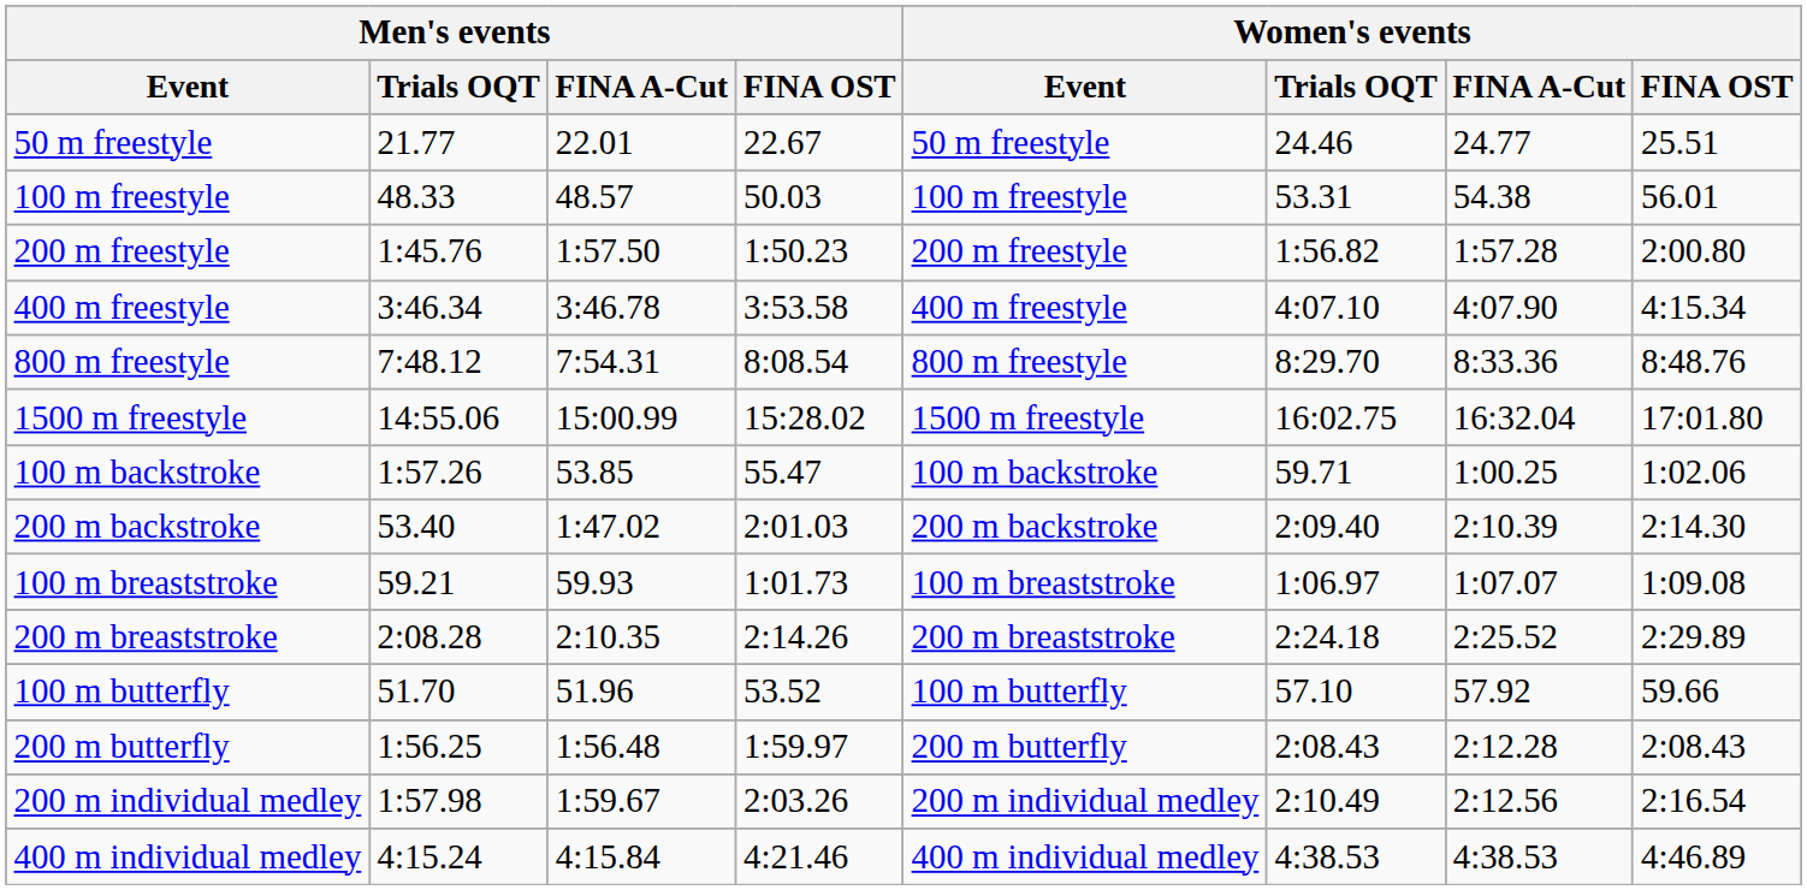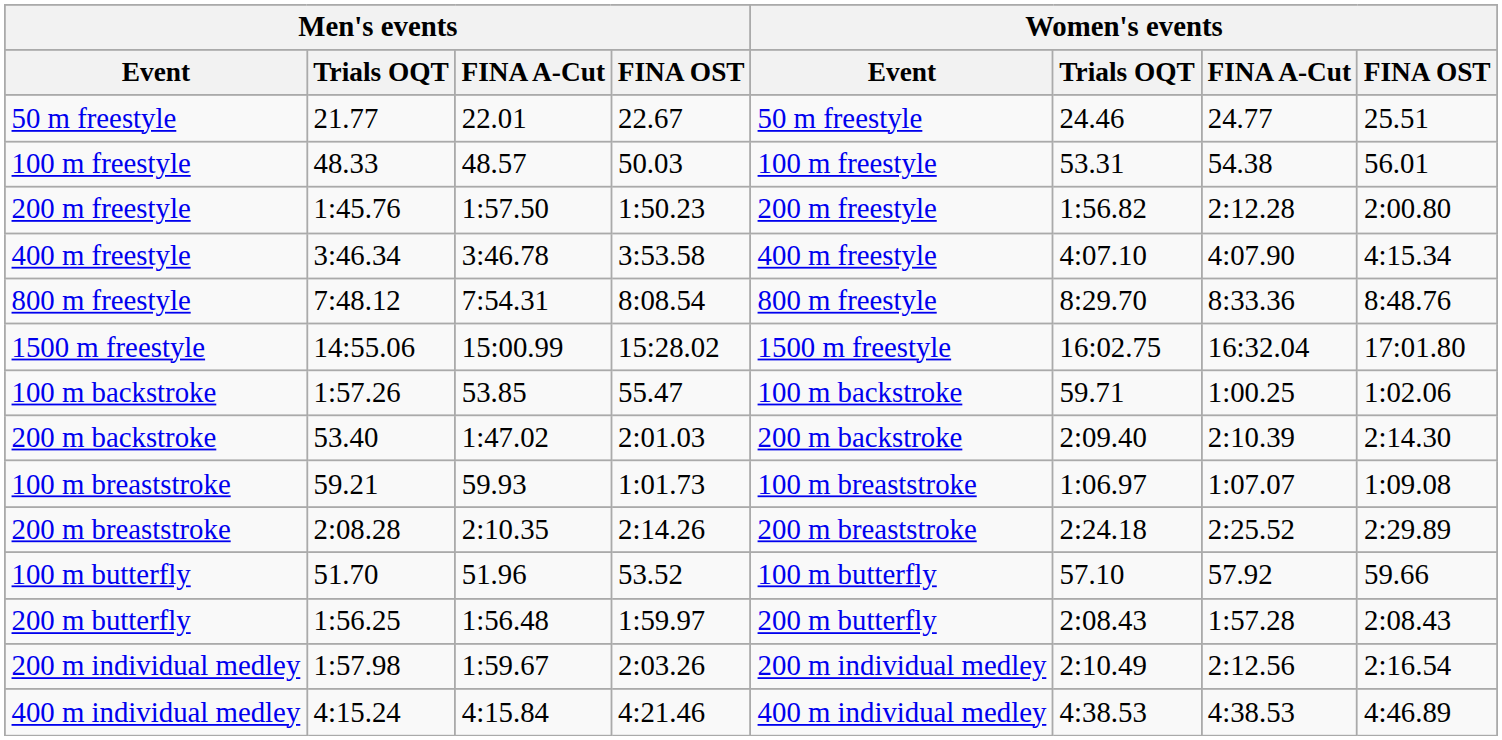 <table class="wikitable">
 <tr>
 <th colspan="4">Men's events</th>
 <th colspan="4">Women's events</th>
 </tr>
 <tr style="font-size:95%">
 <th>Event</th>
 <th>Trials OQT</th>
 <th>FINA A-Cut</th>
 <th>FINA OST</th>
 <th>Event</th>
 <th>Trials OQT</th>
 <th>FINA A-Cut</th>
 <th>FINA OST</th>
 </tr>
 <tr>
 <td><a href='#'>50 m freestyle</a></td>
 <td>21.77</td>
 <td>22.01</td>
 <td>22.67</td>
 <td><a href='#'>50 m freestyle</a></td>
 <td>24.46</td>
 <td>24.77</td>
 <td>25.51</td>
 </tr>
 <tr>
 <td><a href='#'>100 m freestyle</a></td>
 <td>48.33</td>
 <td>48.57</td>
 <td>50.03</td>
 <td><a href='#'>100 m freestyle</a></td>
 <td>53.31</td>
 <td>54.38</td>
 <td>56.01</td>
 </tr>
 <tr>
 <td><a href='#'>200 m freestyle</a></td>
 <td>1:45.76</td>
 <td>1:57.50</td>
 <td>1:50.23</td>
 <td><a href='#'>200 m freestyle</a></td>
 <td>1:56.82</td>
-<td>1:57.28</td>
+<td>2:12.28</td>
 <td>2:00.80</td>
 </tr>
 <tr>
 <td><a href='#'>400 m freestyle</a></td>
 <td>3:46.34</td>
 <td>3:46.78</td>
 <td>3:53.58</td>
 <td><a href='#'>400 m freestyle</a></td>
 <td>4:07.10</td>
 <td>4:07.90</td>
 <td>4:15.34</td>
 </tr>
 <tr>
 <td><a href='#'>800 m freestyle</a></td>
 <td>7:48.12</td>
 <td>7:54.31</td>
 <td>8:08.54</td>
 <td><a href='#'>800 m freestyle</a></td>
 <td>8:29.70</td>
 <td>8:33.36</td>
 <td>8:48.76</td>
 </tr>
 <tr>
 <td><a href='#'>1500 m freestyle</a></td>
 <td>14:55.06</td>
 <td>15:00.99</td>
 <td>15:28.02</td>
 <td><a href='#'>1500 m freestyle</a></td>
 <td>16:02.75</td>
 <td>16:32.04</td>
 <td>17:01.80</td>
 </tr>
 <tr>
 <td><a href='#'>100 m backstroke</a></td>
 <td>1:57.26</td>
 <td>53.85</td>
 <td>55.47</td>
 <td><a href='#'>100 m backstroke</a></td>
 <td>59.71</td>
 <td>1:00.25</td>
 <td>1:02.06</td>
 </tr>
 <tr>
 <td><a href='#'>200 m backstroke</a></td>
 <td>53.40</td>
 <td>1:47.02</td>
 <td>2:01.03</td>
 <td><a href='#'>200 m backstroke</a></td>
 <td>2:09.40</td>
 <td>2:10.39</td>
 <td>2:14.30</td>
 </tr>
 <tr>
 <td><a href='#'>100 m breaststroke</a></td>
 <td>59.21</td>
 <td>59.93</td>
 <td>1:01.73</td>
 <td><a href='#'>100 m breaststroke</a></td>
 <td>1:06.97</td>
 <td>1:07.07</td>
 <td>1:09.08</td>
 </tr>
 <tr>
 <td><a href='#'>200 m breaststroke</a></td>
 <td>2:08.28</td>
 <td>2:10.35</td>
 <td>2:14.26</td>
 <td><a href='#'>200 m breaststroke</a></td>
 <td>2:24.18</td>
 <td>2:25.52</td>
 <td>2:29.89</td>
 </tr>
 <tr>
 <td><a href='#'>100 m butterfly</a></td>
 <td>51.70</td>
 <td>51.96</td>
 <td>53.52</td>
 <td><a href='#'>100 m butterfly</a></td>
 <td>57.10</td>
 <td>57.92</td>
 <td>59.66</td>
 </tr>
 <tr>
 <td><a href='#'>200 m butterfly</a></td>
 <td>1:56.25</td>
 <td>1:56.48</td>
 <td>1:59.97</td>
 <td><a href='#'>200 m butterfly</a></td>
 <td>2:08.43</td>
-<td>2:12.28</td>
+<td>1:57.28</td>
 <td>2:08.43</td>
 </tr>
 <tr>
 <td><a href='#'>200 m individual medley</a></td>
 <td>1:57.98</td>
 <td>1:59.67</td>
 <td>2:03.26</td>
 <td><a href='#'>200 m individual medley</a></td>
 <td>2:10.49</td>
 <td>2:12.56</td>
 <td>2:16.54</td>
 </tr>
 <tr>
 <td><a href='#'>400 m individual medley</a></td>
 <td>4:15.24</td>
 <td>4:15.84</td>
 <td>4:21.46</td>
 <td><a href='#'>400 m individual medley</a></td>
 <td>4:38.53</td>
 <td>4:38.53</td>
 <td>4:46.89</td>
 </tr>
 </table>
